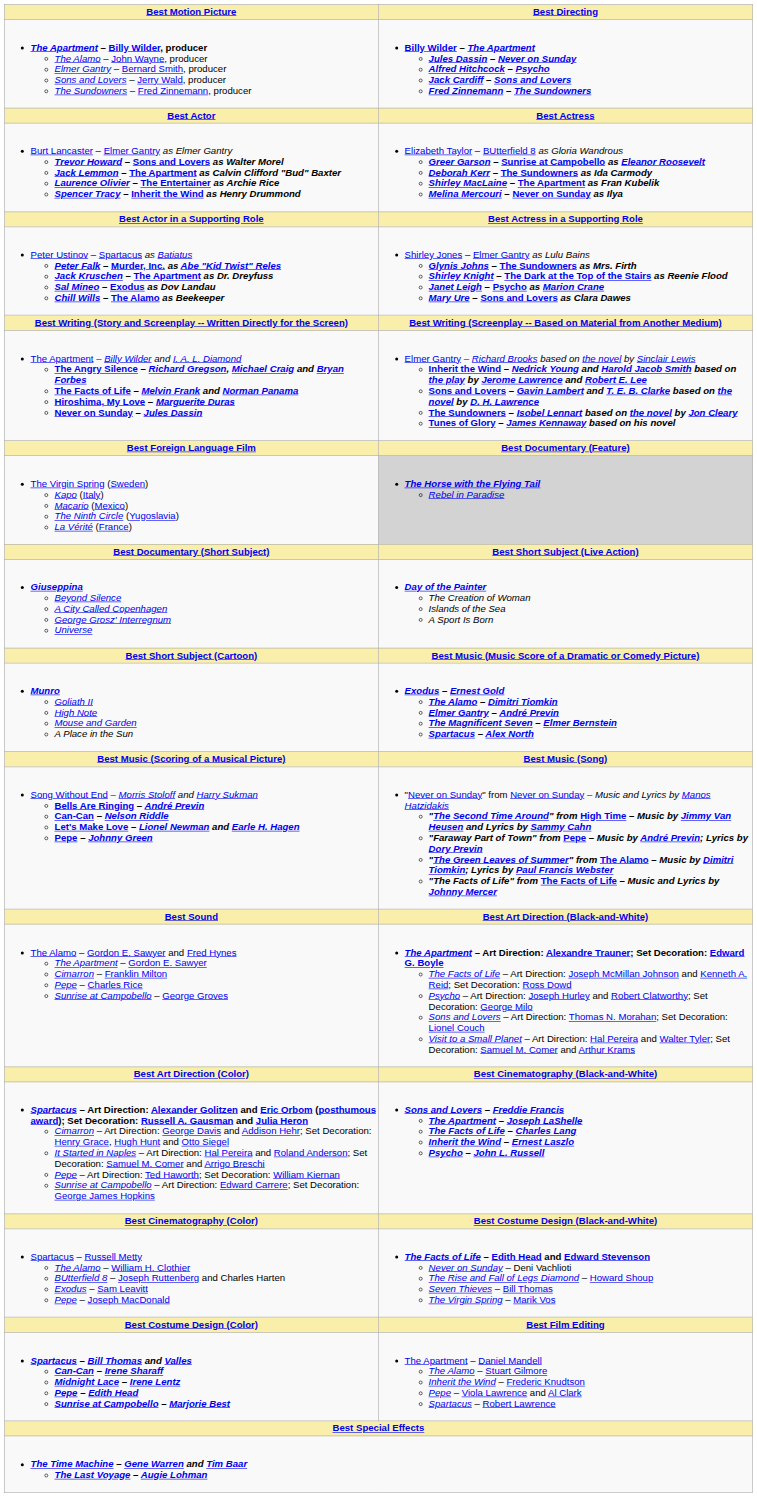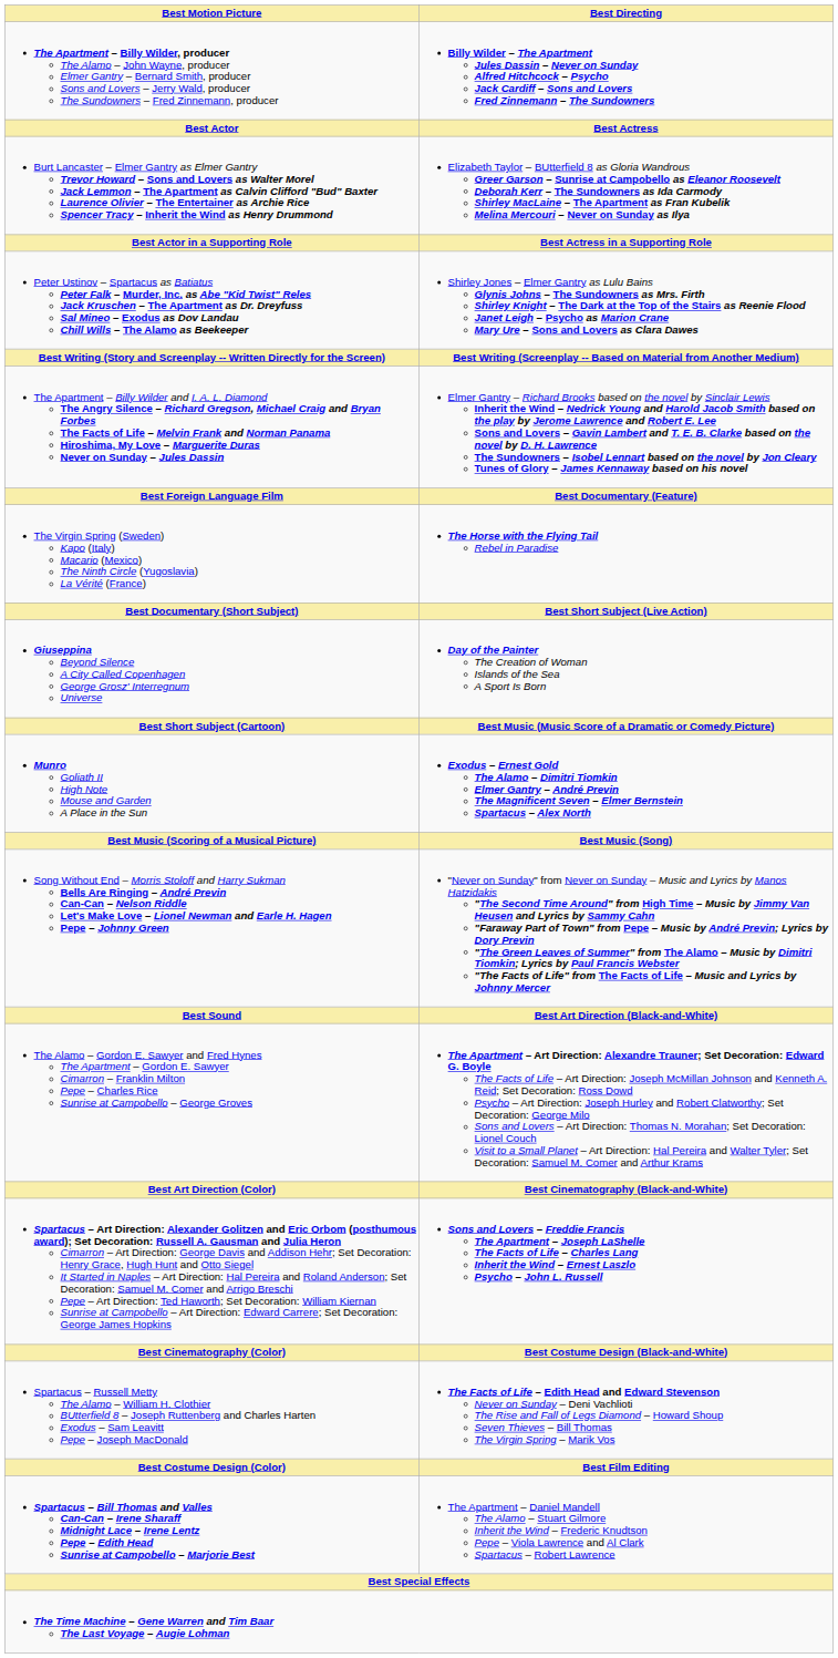 <table class=wikitable>
 <tr>
 <th style="background:#F9EFAA; width:50%"><a href='#'>Best Motion Picture</a></th>
 <th style="background:#F9EFAA; width:50%"><a href='#'>Best Directing</a></th>
 </tr>
 <tr>
 <td valign="top"><br><ul><li><strong> <em><a href='#'>The Apartment</a></em> – <a href='#'>Billy Wilder</a>, producer</strong><ul><li><em><a href='#'>The Alamo</a></em> – <a href='#'>John Wayne</a>, producer</li><li><em><a href='#'>Elmer Gantry</a></em> – <a href='#'>Bernard Smith</a>, producer</li><li><em><a href='#'>Sons and Lovers</a></em> – <a href='#'>Jerry Wald</a>, producer</li><li><em><a href='#'>The Sundowners</a></em> – <a href='#'>Fred Zinnemann</a>, producer</li></ul></li></ul></td>
 <td valign="top"><br><ul><li><strong> <a href='#'>Billy Wilder</a> – <em><a href='#'>The Apartment</a><strong><em><ul><li><a href='#'>Jules Dassin</a> – </em><a href='#'>Never on Sunday</a><em></li><li><a href='#'>Alfred Hitchcock</a> – </em><a href='#'>Psycho</a><em></li><li><a href='#'>Jack Cardiff</a> – </em><a href='#'>Sons and Lovers</a><em></li><li><a href='#'>Fred Zinnemann</a> – </em><a href='#'>The Sundowners</a><em></li></ul></li></ul></td>
 </tr>
 <tr>
 <th style="background:#F9EFAA"><a href='#'>Best Actor</a></th>
 <th style="background:#F9EFAA"><a href='#'>Best Actress</a></th>
 </tr>
 <tr>
 <td valign="top"><br><ul><li></strong> <a href='#'>Burt Lancaster</a> – </em><a href='#'>Elmer Gantry</a><em> as Elmer Gantry<strong><ul><li><a href='#'>Trevor Howard</a> – </em><a href='#'>Sons and Lovers</a><em> as Walter Morel</li><li><a href='#'>Jack Lemmon</a> – </em><a href='#'>The Apartment</a><em> as Calvin Clifford "Bud" Baxter</li><li><a href='#'>Laurence Olivier</a> – </em><a href='#'>The Entertainer</a><em> as Archie Rice</li><li><a href='#'>Spencer Tracy</a> – </em><a href='#'>Inherit the Wind</a><em> as Henry Drummond</li></ul></li></ul></td>
 <td valign="top"><br><ul><li></strong> <a href='#'>Elizabeth Taylor</a> – </em><a href='#'>BUtterfield 8</a><em> as Gloria Wandrous<strong><ul><li><a href='#'>Greer Garson</a> – </em><a href='#'>Sunrise at Campobello</a><em> as <a href='#'>Eleanor Roosevelt</a></li><li><a href='#'>Deborah Kerr</a> – </em><a href='#'>The Sundowners</a><em> as Ida Carmody</li><li><a href='#'>Shirley MacLaine</a> – </em><a href='#'>The Apartment</a><em> as Fran Kubelik</li><li><a href='#'>Melina Mercouri</a> – </em><a href='#'>Never on Sunday</a><em> as Ilya</li></ul></li></ul></td>
 </tr>
 <tr>
 <th style="background:#F9EFAA"><a href='#'>Best Actor in a Supporting Role</a></th>
 <th style="background:#F9EFAA"><a href='#'>Best Actress in a Supporting Role</a></th>
 </tr>
 <tr>
 <td valign="top"><br><ul><li></strong> <a href='#'>Peter Ustinov</a> – </em><a href='#'>Spartacus</a><em> as <a href='#'>Batiatus</a><strong><ul><li><a href='#'>Peter Falk</a> – </em><a href='#'>Murder, Inc.</a><em> as <a href='#'>Abe "Kid Twist" Reles</a></li><li><a href='#'>Jack Kruschen</a> – </em><a href='#'>The Apartment</a><em> as Dr. Dreyfuss</li><li><a href='#'>Sal Mineo</a> – </em><a href='#'>Exodus</a><em> as Dov Landau</li><li><a href='#'>Chill Wills</a> – </em><a href='#'>The Alamo</a><em> as Beekeeper</li></ul></li></ul></td>
 <td valign="top"><br><ul><li></strong> <a href='#'>Shirley Jones</a> – </em><a href='#'>Elmer Gantry</a><em> as Lulu Bains<strong><ul><li><a href='#'>Glynis Johns</a> – </em><a href='#'>The Sundowners</a><em> as Mrs. Firth</li><li><a href='#'>Shirley Knight</a> – </em><a href='#'>The Dark at the Top of the Stairs</a><em> as Reenie Flood</li><li><a href='#'>Janet Leigh</a> – </em><a href='#'>Psycho</a><em> as <a href='#'>Marion Crane</a></li><li><a href='#'>Mary Ure</a> – </em><a href='#'>Sons and Lovers</a><em> as Clara Dawes</li></ul></li></ul></td>
 </tr>
 <tr>
 <th style="background:#F9EFAA"><a href='#'>Best Writing (Story and Screenplay -- Written Directly for the Screen)</a></th>
 <th style="background:#F9EFAA"><a href='#'>Best Writing (Screenplay -- Based on Material from Another Medium)</a></th>
 </tr>
 <tr>
 <td valign="top"><br><ul><li></strong> </em><a href='#'>The Apartment</a><em> – <a href='#'>Billy Wilder</a> and <a href='#'>I. A. L. Diamond</a><strong><ul><li></em><a href='#'>The Angry Silence</a><em> – <a href='#'>Richard Gregson</a>, <a href='#'>Michael Craig</a> and <a href='#'>Bryan Forbes</a></li><li></em><a href='#'>The Facts of Life</a><em> – <a href='#'>Melvin Frank</a> and <a href='#'>Norman Panama</a></li><li></em><a href='#'>Hiroshima, My Love</a><em> – <a href='#'>Marguerite Duras</a></li><li></em><a href='#'>Never on Sunday</a><em> – <a href='#'>Jules Dassin</a></li></ul></li></ul></td>
 <td valign="top"><br><ul><li></strong> </em><a href='#'>Elmer Gantry</a><em> – <a href='#'>Richard Brooks</a> based on <a href='#'>the novel</a> by <a href='#'>Sinclair Lewis</a><strong><ul><li></em><a href='#'>Inherit the Wind</a><em> – <a href='#'>Nedrick Young</a> and <a href='#'>Harold Jacob Smith</a> based on <a href='#'>the play</a> by <a href='#'>Jerome Lawrence</a> and <a href='#'>Robert E. Lee</a></li><li></em><a href='#'>Sons and Lovers</a><em> – <a href='#'>Gavin Lambert</a> and <a href='#'>T. E. B. Clarke</a> based on <a href='#'>the novel</a> by <a href='#'>D. H. Lawrence</a></li><li></em><a href='#'>The Sundowners</a><em> – <a href='#'>Isobel Lennart</a> based on <a href='#'>the novel</a> by <a href='#'>Jon Cleary</a></li><li></em><a href='#'>Tunes of Glory</a><em> – <a href='#'>James Kennaway</a> based on his novel</li></ul></li></ul></td>
 </tr>
 <tr>
 <th style="background:#F9EFAA"><a href='#'>Best Foreign Language Film</a></th>
 <th style="background:#F9EFAA"><a href='#'>Best Documentary (Feature)</a></th>
 </tr>
 <tr>
 <td valign="top"><br><ul><li></em></strong><a href='#'>The Virgin Spring</a></em> (<a href='#'>Sweden</a>)</strong><ul><li><em><a href='#'>Kapo</a></em> (<a href='#'>Italy</a>)</li><li><em><a href='#'>Macario</a></em> (<a href='#'>Mexico</a>)</li><li><em><a href='#'>The Ninth Circle</a></em> (<a href='#'>Yugoslavia</a>)</li><li><em><a href='#'>La Vérité</a></em> (<a href='#'>France</a>)</li></ul></li></ul></td>
-<td valign="top" style="background: lightgrey;"><br><ul><li><strong><em><a href='#'>The Horse with the Flying Tail</a></em></strong><ul><li><em><a href='#'>Rebel in Paradise</a></em></li></ul></li></ul></td>
+<td valign="top"><br><ul><li><strong><em><a href='#'>The Horse with the Flying Tail</a></em></strong><ul><li><em><a href='#'>Rebel in Paradise</a></em></li></ul></li></ul></td>
 </tr>
 <tr>
 <th style="background:#F9EFAA"><a href='#'>Best Documentary (Short Subject)</a></th>
 <th style="background:#F9EFAA"><a href='#'>Best Short Subject (Live Action)</a></th>
 </tr>
 <tr>
 <td valign="top"><br><ul><li><strong><em><a href='#'>Giuseppina</a></em></strong><ul><li><em><a href='#'>Beyond Silence</a></em></li><li><em><a href='#'>A City Called Copenhagen</a></em></li><li><em><a href='#'>George Grosz' Interregnum</a></em></li><li><em><a href='#'>Universe</a></em></li></ul></li></ul></td>
 <td valign="top"><br><ul><li><strong><em><a href='#'>Day of the Painter</a></em></strong><ul><li><em>The Creation of Woman</em></li><li><em>Islands of the Sea</em></li><li><em>A Sport Is Born</em></li></ul></li></ul></td>
 </tr>
 <tr>
 <th style="background:#F9EFAA"><a href='#'>Best Short Subject (Cartoon)</a></th>
 <th style="background:#F9EFAA"><a href='#'>Best Music (Music Score of a Dramatic or Comedy Picture)</a></th>
 </tr>
 <tr>
 <td valign="top"><br><ul><li><strong><em><a href='#'>Munro</a></em></strong><ul><li><em><a href='#'>Goliath II</a></em></li><li><em><a href='#'>High Note</a></em></li><li><em><a href='#'>Mouse and Garden</a></em></li><li><em>A Place in the Sun</em></li></ul></li></ul></td>
 <td valign="top"><br><ul><li><strong><em><a href='#'>Exodus</a><em> – <a href='#'>Ernest Gold</a><strong><ul><li></em><a href='#'>The Alamo</a><em> – <a href='#'>Dimitri Tiomkin</a></li><li></em><a href='#'>Elmer Gantry</a><em> – <a href='#'>André Previn</a></li><li></em><a href='#'>The Magnificent Seven</a><em> – <a href='#'>Elmer Bernstein</a></li><li></em><a href='#'>Spartacus</a><em> – <a href='#'>Alex North</a></li></ul></li></ul></td>
 </tr>
 <tr>
 <th style="background:#F9EFAA"><a href='#'>Best Music (Scoring of a Musical Picture)</a></th>
 <th style="background:#F9EFAA"><a href='#'>Best Music (Song)</a></th>
 </tr>
 <tr>
 <td valign="top"><br><ul><li></strong> </em><a href='#'>Song Without End</a><em> – <a href='#'>Morris Stoloff</a> and <a href='#'>Harry Sukman</a><strong><ul><li></em><a href='#'>Bells Are Ringing</a><em> – <a href='#'>André Previn</a></li><li></em><a href='#'>Can-Can</a><em> – <a href='#'>Nelson Riddle</a></li><li></em><a href='#'>Let's Make Love</a><em> – <a href='#'>Lionel Newman</a> and <a href='#'>Earle H. Hagen</a></li><li></em><a href='#'>Pepe</a><em> – <a href='#'>Johnny Green</a></li></ul></li></ul></td>
 <td valign="top"><br><ul><li></strong>"<a href='#'>Never on Sunday</a>" from </em><a href='#'>Never on Sunday</a><em> – Music and Lyrics by <a href='#'>Manos Hatzidakis</a><strong><ul><li>"<a href='#'>The Second Time Around</a>" from </em><a href='#'>High Time</a><em> – Music by <a href='#'>Jimmy Van Heusen</a> and Lyrics by <a href='#'>Sammy Cahn</a></li><li>"Faraway Part of Town" from </em><a href='#'>Pepe</a><em> – Music by <a href='#'>André Previn</a>; Lyrics by <a href='#'>Dory Previn</a></li><li>"<a href='#'>The Green Leaves of Summer</a>" from </em><a href='#'>The Alamo</a><em> – Music by <a href='#'>Dimitri Tiomkin</a>; Lyrics by <a href='#'>Paul Francis Webster</a></li><li>"The Facts of Life" from </em><a href='#'>The Facts of Life</a><em> – Music and Lyrics by <a href='#'>Johnny Mercer</a></li></ul></li></ul></td>
 </tr>
 <tr>
 <th style="background:#F9EFAA"><a href='#'>Best Sound</a></th>
 <th style="background:#F9EFAA"><a href='#'>Best Art Direction (Black-and-White)</a></th>
 </tr>
 <tr>
 <td valign="top"><br><ul><li></em></strong><a href='#'>The Alamo</a></em> – <a href='#'>Gordon E. Sawyer</a> and <a href='#'>Fred Hynes</a></strong><ul><li><em><a href='#'>The Apartment</a></em> – <a href='#'>Gordon E. Sawyer</a></li><li><em><a href='#'>Cimarron</a></em> – <a href='#'>Franklin Milton</a></li><li><em><a href='#'>Pepe</a></em> – <a href='#'>Charles Rice</a></li><li><em><a href='#'>Sunrise at Campobello</a></em> – <a href='#'>George Groves</a></li></ul></li></ul></td>
 <td valign="top"><br><ul><li><strong> <em><a href='#'>The Apartment</a></em> – Art Direction: <a href='#'>Alexandre Trauner</a>; Set Decoration: <a href='#'>Edward G. Boyle</a></strong><ul><li><em><a href='#'>The Facts of Life</a></em> – Art Direction: <a href='#'>Joseph McMillan Johnson</a> and <a href='#'>Kenneth A. Reid</a>; Set Decoration: <a href='#'>Ross Dowd</a></li><li><em><a href='#'>Psycho</a></em> – Art Direction: <a href='#'>Joseph Hurley</a> and <a href='#'>Robert Clatworthy</a>; Set Decoration: <a href='#'>George Milo</a></li><li><em><a href='#'>Sons and Lovers</a></em> – Art Direction: <a href='#'>Thomas N. Morahan</a>; Set Decoration: <a href='#'>Lionel Couch</a></li><li><em><a href='#'>Visit to a Small Planet</a></em> – Art Direction: <a href='#'>Hal Pereira</a> and <a href='#'>Walter Tyler</a>; Set Decoration: <a href='#'>Samuel M. Comer</a> and <a href='#'>Arthur Krams</a></li></ul></li></ul></td>
 </tr>
 <tr>
 <th style="background:#F9EFAA"><a href='#'>Best Art Direction (Color)</a></th>
 <th style="background:#F9EFAA"><a href='#'>Best Cinematography (Black-and-White)</a></th>
 </tr>
 <tr>
 <td valign="top"><br><ul><li><strong> <em><a href='#'>Spartacus</a></em> – Art Direction: <a href='#'>Alexander Golitzen</a> and <a href='#'>Eric Orbom</a> (<a href='#'>posthumous award</a>); Set Decoration: <a href='#'>Russell A. Gausman</a> and <a href='#'>Julia Heron</a></strong><ul><li><em><a href='#'>Cimarron</a></em> – Art Direction: <a href='#'>George Davis</a> and <a href='#'>Addison Hehr</a>; Set Decoration: <a href='#'>Henry Grace</a>, <a href='#'>Hugh Hunt</a> and <a href='#'>Otto Siegel</a></li><li><em><a href='#'>It Started in Naples</a></em> – Art Direction: <a href='#'>Hal Pereira</a> and <a href='#'>Roland Anderson</a>; Set Decoration: <a href='#'>Samuel M. Comer</a> and <a href='#'>Arrigo Breschi</a></li><li><em><a href='#'>Pepe</a></em> – Art Direction: <a href='#'>Ted Haworth</a>; Set Decoration: <a href='#'>William Kiernan</a></li><li><em><a href='#'>Sunrise at Campobello</a></em> – Art Direction: <a href='#'>Edward Carrere</a>; Set Decoration: <a href='#'>George James Hopkins</a></li></ul></li></ul></td>
 <td valign="top"><br><ul><li><strong><em><a href='#'>Sons and Lovers</a><em> – <a href='#'>Freddie Francis</a><strong><ul><li></em><a href='#'>The Apartment</a><em> – <a href='#'>Joseph LaShelle</a></li><li></em><a href='#'>The Facts of Life</a><em> – <a href='#'>Charles Lang</a></li><li></em><a href='#'>Inherit the Wind</a><em> – <a href='#'>Ernest Laszlo</a></li><li></em><a href='#'>Psycho</a><em> – <a href='#'>John L. Russell</a></li></ul></li></ul></td>
 </tr>
 <tr>
 <th style="background:#F9EFAA"><a href='#'>Best Cinematography (Color)</a></th>
 <th style="background:#F9EFAA"><a href='#'>Best Costume Design (Black-and-White)</a></th>
 </tr>
 <tr>
 <td valign="top"><br><ul><li></em></strong><a href='#'>Spartacus</a></em> – <a href='#'>Russell Metty</a></strong><ul><li><em><a href='#'>The Alamo</a></em> – <a href='#'>William H. Clothier</a></li><li><em><a href='#'>BUtterfield 8</a></em> – <a href='#'>Joseph Ruttenberg</a> and Charles Harten</li><li><em><a href='#'>Exodus</a></em> – <a href='#'>Sam Leavitt</a></li><li><em><a href='#'>Pepe</a></em> – <a href='#'>Joseph MacDonald</a></li></ul></li></ul></td>
 <td valign="top"><br><ul><li><strong> <em><a href='#'>The Facts of Life</a></em> – <a href='#'>Edith Head</a> and <a href='#'>Edward Stevenson</a></strong><ul><li><em><a href='#'>Never on Sunday</a></em> – Deni Vachlioti</li><li><em><a href='#'>The Rise and Fall of Legs Diamond</a></em> – <a href='#'>Howard Shoup</a></li><li><em><a href='#'>Seven Thieves</a></em> – <a href='#'>Bill Thomas</a></li><li><em><a href='#'>The Virgin Spring</a></em> – <a href='#'>Marik Vos</a></li></ul></li></ul></td>
 </tr>
 <tr>
 <th style="background:#F9EFAA"><a href='#'>Best Costume Design (Color)</a></th>
 <th style="background:#F9EFAA"><a href='#'>Best Film Editing</a></th>
 </tr>
 <tr>
 <td valign="top"><br><ul><li><strong><em><a href='#'>Spartacus</a><em> – <a href='#'>Bill Thomas</a> and <a href='#'>Valles</a><strong><ul><li></em><a href='#'>Can-Can</a><em> – <a href='#'>Irene Sharaff</a></li><li></em><a href='#'>Midnight Lace</a><em> – <a href='#'>Irene Lentz</a></li><li></em><a href='#'>Pepe</a><em> – <a href='#'>Edith Head</a></li><li></em><a href='#'>Sunrise at Campobello</a><em> – <a href='#'>Marjorie Best</a></li></ul></li></ul></td>
 <td valign="top"><br><ul><li></em></strong><a href='#'>The Apartment</a></em> – <a href='#'>Daniel Mandell</a></strong><ul><li><em><a href='#'>The Alamo</a></em> – <a href='#'>Stuart Gilmore</a></li><li><em><a href='#'>Inherit the Wind</a></em> – <a href='#'>Frederic Knudtson</a></li><li><em><a href='#'>Pepe</a></em> – <a href='#'>Viola Lawrence</a> and <a href='#'>Al Clark</a></li><li><em><a href='#'>Spartacus</a></em> – <a href='#'>Robert Lawrence</a></li></ul></li></ul></td>
 </tr>
 <tr>
 <th colspan="2" style="background:#F9EFAA"><a href='#'>Best Special Effects</a></th>
 </tr>
 <tr>
 <td colspan="2" valign="top"><br><ul><li><strong><em><a href='#'>The Time Machine</a><em> – <a href='#'>Gene Warren</a> and <a href='#'>Tim Baar</a><strong><ul><li></em><a href='#'>The Last Voyage</a><em> – <a href='#'>Augie Lohman</a></li></ul></li></ul></td>
 </tr>
 </table>
